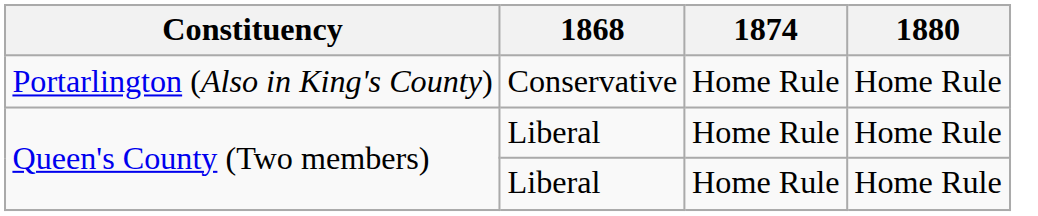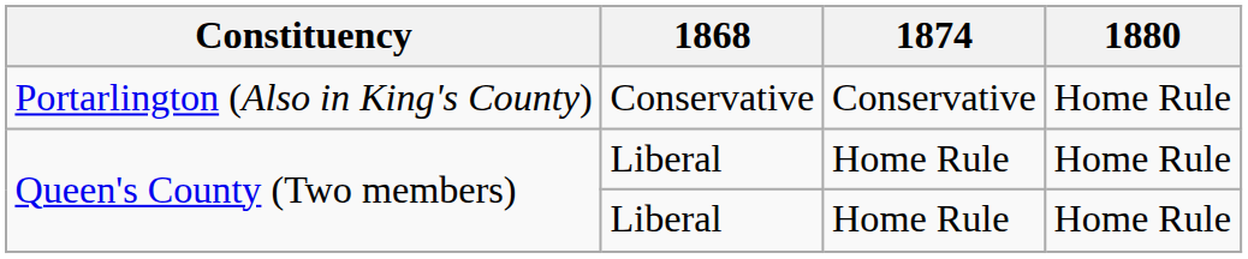 <table class="wikitable">
 <tr>
 <th>Constituency</th>
 <th>1868</th>
 <th>1874</th>
 <th>1880</th>
 </tr>
 <tr>
 <td><a href='#'>Portarlington</a> (<em>Also in King's County</em>)</td>
 <td>Conservative</td>
-<td>Home Rule</td>
+<td>Conservative</td>
 <td>Home Rule</td>
 </tr>
 <tr>
 <td rowspan="2"><a href='#'>Queen's County</a> (Two members)</td>
 <td>Liberal</td>
 <td>Home Rule</td>
 <td>Home Rule</td>
 </tr>
 <tr>
 <td>Liberal</td>
 <td>Home Rule</td>
 <td>Home Rule</td>
 </tr>
 </table>
